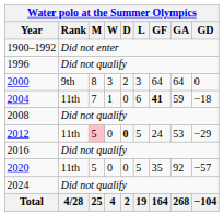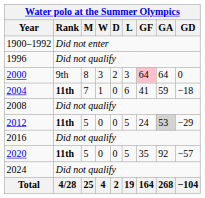 <table class="wikitable">
 <tr>
 <th colspan=10><a href='#'>Water polo at the Summer Olympics</a></th>
 </tr>
 <tr>
 <th>Year</th>
 <th>Rank</th>
 <th>M</th>
 <th>W</th>
 <th>D</th>
 <th>L</th>
 <th>GF</th>
 <th>GA</th>
 <th>GD</th>
 </tr>
 <tr>
 <td>1900–1992</td>
 <td colspan=8><em>Did not enter</em></td>
 </tr>
 <tr>
 <td>1996</td>
 <td colspan=8><em>Did not qualify</em></td>
 </tr>
 <tr>
 <td><a href='#'>2000</a></td>
 <td>9th</td>
 <td>8</td>
 <td>3</td>
 <td>2</td>
 <td>3</td>
-<td>64</td>
+<td style="background: pink;">64</td>
 <td>64</td>
 <td>0</td>
 </tr>
 <tr>
 <td><a href='#'>2004</a></td>
-<td>11th</td>
+<td><strong>11th</strong></td>
 <td>7</td>
 <td>1</td>
 <td>0</td>
 <td>6</td>
-<td><strong>41</strong></td>
+<td>41</td>
 <td>59</td>
 <td>−18</td>
 </tr>
 <tr>
 <td>2008</td>
 <td colspan=8><em>Did not qualify</em></td>
 </tr>
 <tr>
 <td><a href='#'>2012</a></td>
-<td>11th</td>
-<td style="background: pink;">5</td>
+<td><strong>11th</strong></td>
+<td>5</td>
 <td>0</td>
-<td><strong>0</strong></td>
+<td>0</td>
 <td>5</td>
 <td>24</td>
-<td>53</td>
+<td style="background: lightgrey;">53</td>
 <td>−29</td>
 </tr>
 <tr>
 <td>2016</td>
 <td colspan=8><em>Did not qualify</em></td>
 </tr>
 <tr>
 <td><a href='#'>2020</a></td>
-<td>11th</td>
+<td><strong>11th</strong></td>
 <td>5</td>
 <td>0</td>
 <td>0</td>
 <td>5</td>
 <td>35</td>
 <td>92</td>
 <td>−57</td>
 </tr>
 <tr>
 <td>2024</td>
 <td colspan=8><em>Did not qualify</em></td>
 </tr>
 <tr>
 <th>Total</th>
 <th>4/28</th>
 <th>25</th>
 <th>4</th>
 <th>2</th>
 <th>19</th>
 <th>164</th>
 <th>268</th>
 <th>−104</th>
 </tr>
 </table>
